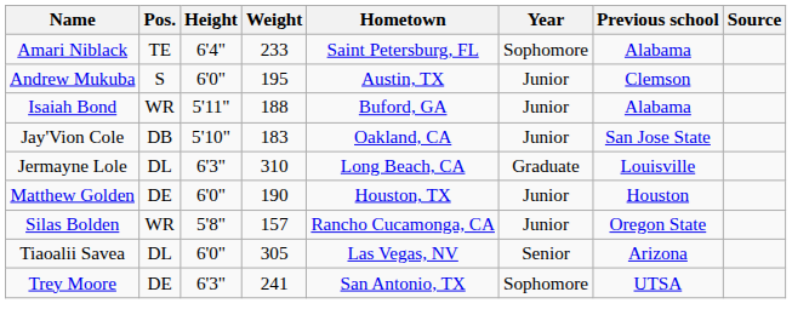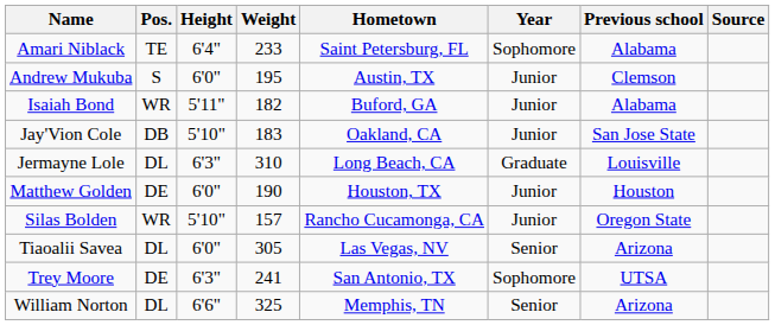 <table class="wikitable sortable">
 <tr>
 <th style="text-align:center; ">Name</th>
 <th style="text-align:center; ">Pos.</th>
 <th style="text-align:center; ">Height</th>
 <th style="text-align:center; ">Weight</th>
 <th style="text-align:center; ">Hometown</th>
 <th style="text-align:center; ">Year</th>
 <th style="text-align:center; ">Previous school</th>
 <th style="text-align:center; ">Source</th>
 </tr>
 <tr align="center">
 <td><a href='#'>Amari Niblack</a></td>
 <td>TE</td>
 <td>6'4"</td>
 <td>233</td>
 <td><a href='#'>Saint Petersburg, FL</a></td>
 <td>Sophomore</td>
 <td><a href='#'>Alabama</a></td>
 <td></td>
 </tr>
 <tr align="center">
 <td><a href='#'>Andrew Mukuba</a></td>
 <td>S</td>
 <td>6'0"</td>
 <td>195</td>
 <td><a href='#'>Austin, TX</a></td>
 <td>Junior</td>
 <td><a href='#'>Clemson</a></td>
 <td></td>
 </tr>
 <tr align="center">
 <td><a href='#'>Isaiah Bond</a></td>
 <td>WR</td>
 <td>5'11"</td>
-<td>188</td>
+<td>182</td>
 <td><a href='#'>Buford, GA</a></td>
 <td>Junior</td>
 <td><a href='#'>Alabama</a></td>
 <td></td>
 </tr>
 <tr align="center">
 <td>Jay'Vion Cole</td>
 <td>DB</td>
 <td>5'10"</td>
 <td>183</td>
 <td><a href='#'>Oakland, CA</a></td>
 <td>Junior</td>
 <td><a href='#'>San Jose State</a></td>
 <td></td>
 </tr>
 <tr align="center">
 <td>Jermayne Lole</td>
 <td>DL</td>
 <td>6'3"</td>
 <td>310</td>
 <td><a href='#'>Long Beach, CA</a></td>
 <td>Graduate</td>
 <td><a href='#'>Louisville</a></td>
 <td></td>
 </tr>
 <tr align="center">
 <td><a href='#'>Matthew Golden</a></td>
 <td>DE</td>
 <td>6'0"</td>
 <td>190</td>
 <td><a href='#'>Houston, TX</a></td>
 <td>Junior</td>
 <td><a href='#'>Houston</a></td>
 <td></td>
 </tr>
 <tr align="center">
 <td><a href='#'>Silas Bolden</a></td>
 <td>WR</td>
-<td>5'8"</td>
+<td>5'10"</td>
 <td>157</td>
 <td><a href='#'>Rancho Cucamonga, CA</a></td>
 <td>Junior</td>
 <td><a href='#'>Oregon State</a></td>
 <td></td>
 </tr>
 <tr align="center">
 <td>Tiaoalii Savea</td>
 <td>DL</td>
 <td>6'0"</td>
 <td>305</td>
 <td><a href='#'>Las Vegas, NV</a></td>
 <td>Senior</td>
 <td><a href='#'>Arizona</a></td>
 <td></td>
 </tr>
 <tr align="center">
 <td><a href='#'>Trey Moore</a></td>
 <td>DE</td>
 <td>6'3"</td>
 <td>241</td>
 <td><a href='#'>San Antonio, TX</a></td>
 <td>Sophomore</td>
 <td><a href='#'>UTSA</a></td>
 <td></td>
 </tr>
+<tr align="center">
+<td>William Norton</td>
+<td>DL</td>
+<td>6'6"</td>
+<td>325</td>
+<td><a href='#'>Memphis, TN</a></td>
+<td>Senior</td>
+<td><a href='#'>Arizona</a></td>
+<td></td>
+</tr>
 </table>
